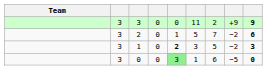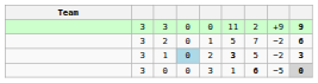 <table class="wikitable" style="text-align: center; font-size: 90%;">
 <tr>
 <th width=165>Team</th>
 <th width=25></th>
 <th width=25></th>
 <th width=25></th>
 <th width=25></th>
 <th width=25></th>
 <th width=25></th>
 <th width=25></th>
 <th width=25></th>
 </tr>
 <tr bgcolor=ccffcc>
 <td align="left"></td>
 <td>3</td>
 <td>3</td>
 <td>0</td>
 <td>0</td>
 <td>11</td>
 <td>2</td>
 <td>+9</td>
 <td><strong>9</strong></td>
 </tr>
 <tr>
 <td align="left"></td>
 <td>3</td>
 <td>2</td>
 <td>0</td>
 <td>1</td>
 <td>5</td>
 <td>7</td>
 <td>−2</td>
 <td><strong>6</strong></td>
 </tr>
 <tr>
 <td align="left"></td>
 <td>3</td>
 <td>1</td>
-<td>0</td>
-<td><strong>2</strong></td>
-<td>3</td>
+<td style="background: lightblue;">0</td>
+<td>2</td>
+<td><strong>3</strong></td>
 <td>5</td>
 <td>−2</td>
 <td><strong>3</strong></td>
 </tr>
 <tr>
 <td align="left"><em></em></td>
 <td>3</td>
 <td>0</td>
 <td>0</td>
-<td style="background: lightgreen;">3</td>
+<td>3</td>
 <td>1</td>
-<td>6</td>
+<td><strong>6</strong></td>
 <td>−5</td>
-<td><strong>0</strong></td>
+<td style="background: lightgrey;"><strong>0</strong></td>
 </tr>
 </table>
